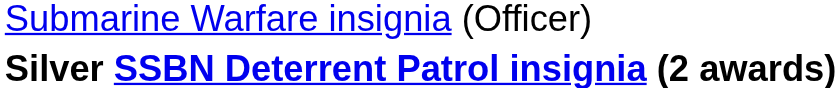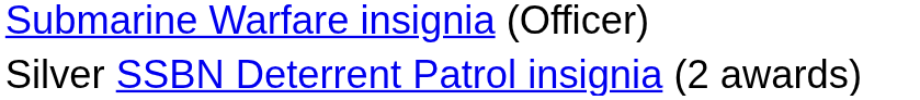 <table>
 <tr>
 <td><span></span> <a href='#'>Submarine Warfare insignia</a> (Officer)</td>
 </tr>
 <tr>
-<td><strong> Silver <a href='#'>SSBN Deterrent Patrol insignia</a> (2 awards)</strong></td>
+<td> Silver <a href='#'>SSBN Deterrent Patrol insignia</a> (2 awards)</td>
 </tr>
 </table>
